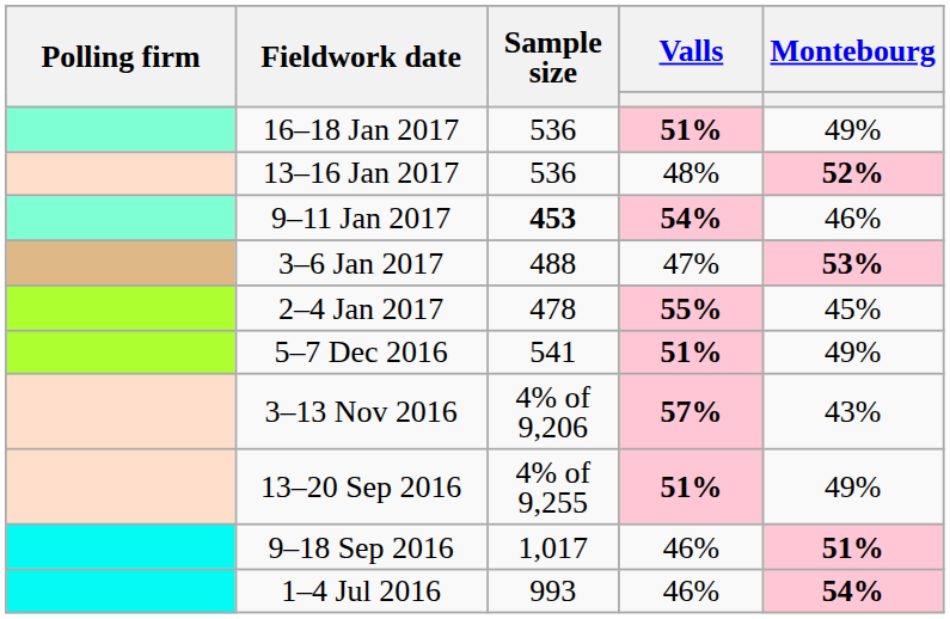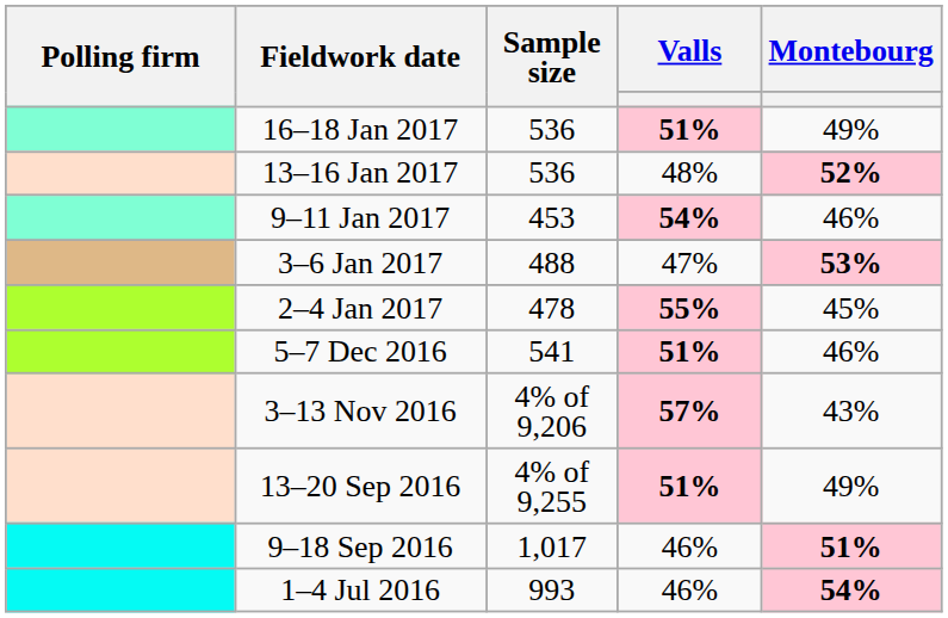 <table class="wikitable sortable" style="text-align:center;font-size:90%;line-height:14px;">
 <tr style="height:40px;">
 <th style="width:100px;" rowspan="2">Polling firm</th>
 <th style="width:110px;" rowspan="2">Fieldwork date</th>
 <th style="width:55px;" rowspan="2">Sample<br>size</th>
 <th class="unsortable" style="width:60px;"><a href='#'>Valls</a><br></th>
 <th class="unsortable" style="width:60px;"><a href='#'>Montebourg</a><br></th>
 </tr>
 <tr>
 <th style="background:"></th>
 <th style="background:"></th>
 </tr>
 <tr>
 <td style="background:aquamarine;"></td>
 <td data-sort-value="2017-01-18">16–18 Jan 2017</td>
 <td>536</td>
 <td style="background:#FFC6D5;"><strong>51%</strong></td>
 <td>49%</td>
 </tr>
 <tr>
 <td style="background:#FFDFCC;"></td>
 <td data-sort-value="2017-01-16">13–16 Jan 2017</td>
 <td>536</td>
 <td>48%</td>
 <td style="background:#FFC6D5;"><strong>52%</strong></td>
 </tr>
 <tr>
 <td style="background:aquamarine;"></td>
 <td data-sort-value="2017-01-11">9–11 Jan 2017</td>
-<td><strong>453</strong></td>
+<td>453</td>
 <td style="background:#FFC6D5;"><strong>54%</strong></td>
 <td>46%</td>
 </tr>
 <tr>
 <td style="background:burlywood;"></td>
 <td data-sort-value="2017-01-06">3–6 Jan 2017</td>
 <td>488</td>
 <td>47%</td>
 <td style="background:#FFC6D5;"><strong>53%</strong></td>
 </tr>
 <tr>
 <td style="background:GreenYellow;"> </td>
 <td data-sort-value="2017-01-04">2–4 Jan 2017</td>
 <td>478</td>
 <td style="background:#FFC6D5;"><strong>55%</strong></td>
 <td>45%</td>
 </tr>
 <tr>
 <td style="background:GreenYellow;"></td>
 <td data-sort-value="2016-12-07">5–7 Dec 2016</td>
 <td>541</td>
 <td style="background:#FFC6D5;"><strong>51%</strong></td>
-<td>49%</td>
+<td>46%</td>
 </tr>
 <tr>
 <td style="background:#FFDFCC;"></td>
 <td data-sort-value="2016-11-13">3–13 Nov 2016</td>
 <td data-sort-value="368">4% of 9,206</td>
 <td style="background:#FFC6D5;"><strong>57%</strong></td>
 <td>43%</td>
 </tr>
 <tr>
 <td style="background:#FFDFCC;"></td>
 <td data-sort-value="2016-09-20">13–20 Sep 2016</td>
 <td data-sort-value="370">4% of 9,255</td>
 <td style="background:#FFC6D5;"><strong>51%</strong></td>
 <td>49%</td>
 </tr>
 <tr>
 <td style="background:#04FBF4;"></td>
 <td data-sort-value="2016-09-18">9–18 Sep 2016</td>
 <td>1,017</td>
 <td>46%</td>
 <td style="background:#FFC6D5;"><strong>51%</strong></td>
 </tr>
 <tr>
 <td style="background:#04FBF4;"></td>
 <td data-sort-value="2016-07-04">1–4 Jul 2016</td>
 <td>993</td>
 <td>46%</td>
 <td style="background:#FFC6D5;"><strong>54%</strong></td>
 </tr>
 </table>
